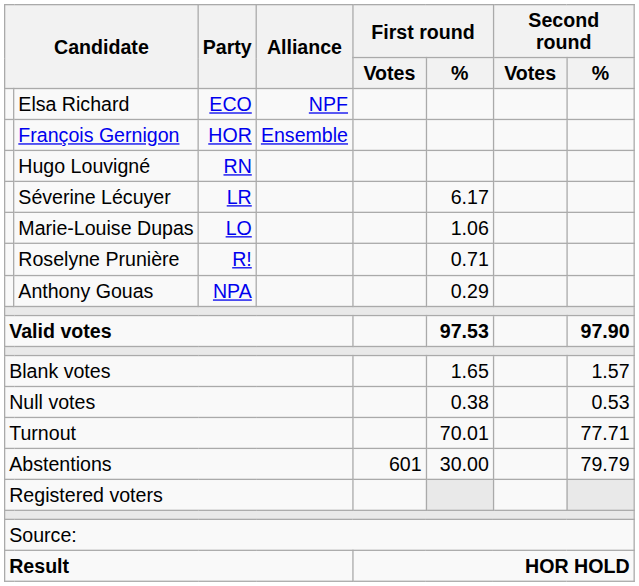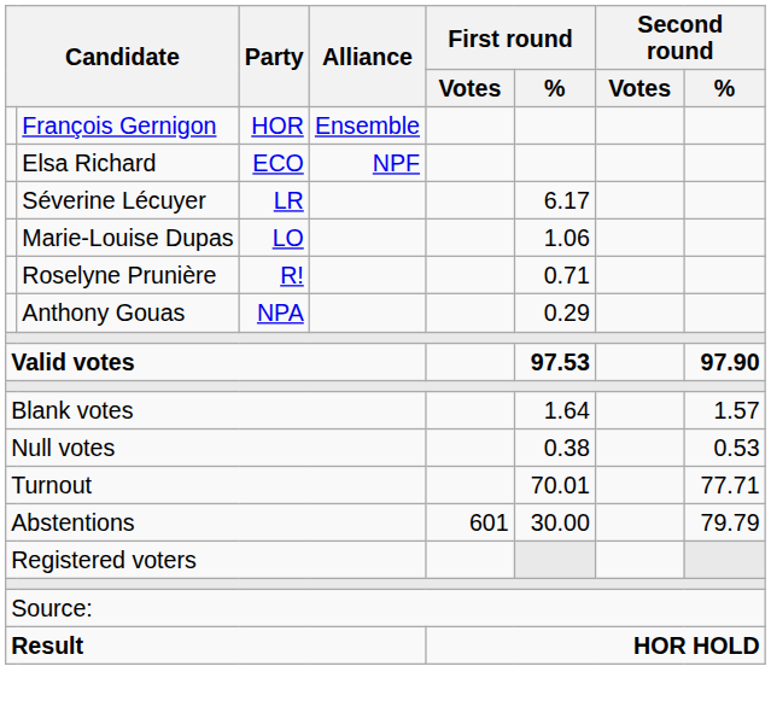 <table class="wikitable" style="text-align:right;font-size:95%;">
 <tr>
 <th colspan="2" rowspan="2">Candidate</th>
 <th colspan="1" rowspan="2">Party</th>
 <th colspan="1" rowspan="2">Alliance</th>
 <th colspan="2">First round</th>
 <th colspan="2">Second round</th>
 </tr>
 <tr>
 <th style="width:50px;">Votes</th>
 <th style="width:45px;">%</th>
 <th style="width:50px;">Votes</th>
 <th style="width:45px;">%</th>
 </tr>
 <tr>
 <td style="color:inherit;background:"></td>
-<td style="text-align:left;">Elsa Richard</td>
-<td><a href='#'>ECO</a></td>
-<td><a href='#'>NPF</a></td>
-<td></td>
-<td></td>
-<td></td>
-<td></td>
-</tr>
-<tr>
-<td style="color:inherit;background:"></td>
 <td style="text-align:left;"><a href='#'>François Gernigon</a></td>
 <td><a href='#'>HOR</a></td>
 <td><a href='#'>Ensemble</a></td>
 <td></td>
 <td></td>
 <td><strong></strong></td>
 <td><strong></strong></td>
 </tr>
 <tr>
 <td style="color:inherit;background:"></td>
-<td style="text-align:left;">Hugo Louvigné</td>
-<td><a href='#'>RN</a></td>
-<td></td>
+<td style="text-align:left;">Elsa Richard</td>
+<td><a href='#'>ECO</a></td>
+<td><a href='#'>NPF</a></td>
 <td></td>
 <td></td>
 <td></td>
 <td></td>
 </tr>
 <tr>
 <td style="color:inherit;background:"></td>
 <td style="text-align:left;">Séverine Lécuyer</td>
 <td><a href='#'>LR</a></td>
 <td></td>
 <td></td>
 <td>6.17</td>
 <td></td>
 <td></td>
 </tr>
 <tr>
 <td style="color:inherit;background:"></td>
 <td style="text-align:left;">Marie-Louise Dupas</td>
 <td><a href='#'>LO</a></td>
 <td></td>
 <td></td>
 <td>1.06</td>
 <td></td>
 <td></td>
 </tr>
 <tr>
 <td style="color:inherit;background:"></td>
 <td style="text-align:left;">Roselyne Prunière</td>
 <td><a href='#'>R!</a></td>
 <td></td>
 <td></td>
 <td>0.71</td>
 <td></td>
 <td></td>
 </tr>
 <tr>
 <td style="color:inherit;background:"></td>
 <td style="text-align:left;">Anthony Gouas</td>
 <td><a href='#'>NPA</a></td>
 <td></td>
 <td></td>
 <td>0.29</td>
 <td></td>
 <td></td>
 </tr>
 <tr>
 <td colspan="8" style="background:#E9E9E9;"></td>
 </tr>
 <tr style="font-weight:bold;">
 <td colspan="4" style="text-align:left;">Valid votes</td>
 <td></td>
 <td>97.53</td>
 <td></td>
 <td>97.90</td>
 </tr>
 <tr>
 <td colspan="8" style="background:#E9E9E9;"></td>
 </tr>
 <tr>
 <td colspan="4" style="text-align:left;">Blank votes</td>
 <td></td>
-<td>1.65</td>
+<td>1.64</td>
 <td></td>
 <td>1.57</td>
 </tr>
 <tr>
 <td colspan="4" style="text-align:left;">Null votes</td>
 <td></td>
 <td>0.38</td>
 <td></td>
 <td>0.53</td>
 </tr>
 <tr>
 <td colspan="4" style="text-align:left;">Turnout</td>
 <td></td>
 <td>70.01</td>
 <td></td>
 <td>77.71</td>
 </tr>
 <tr>
 <td colspan="4" style="text-align:left;">Abstentions</td>
 <td>601</td>
 <td>30.00</td>
 <td></td>
 <td>79.79</td>
 </tr>
 <tr>
 <td colspan="4" style="text-align:left;">Registered voters</td>
 <td></td>
 <td style="background:#E9E9E9;"></td>
 <td></td>
 <td style="background:#E9E9E9;"></td>
 </tr>
 <tr>
 <td colspan="8" style="background:#E9E9E9;"></td>
 </tr>
 <tr>
 <td colspan="8" style="text-align:left;">Source: </td>
 </tr>
 <tr style="font-weight:bold">
 <td colspan="4" style="text-align:left;">Result</td>
 <td colspan="4" style="background-color:">HOR HOLD</td>
 </tr>
 </table>
